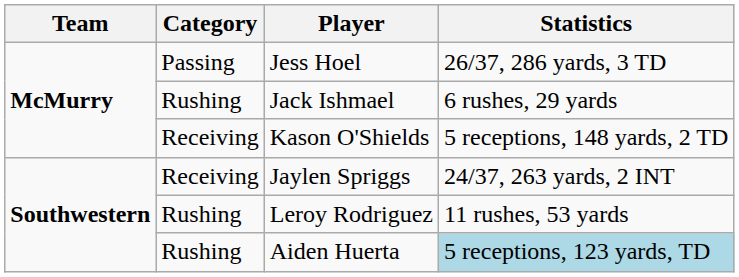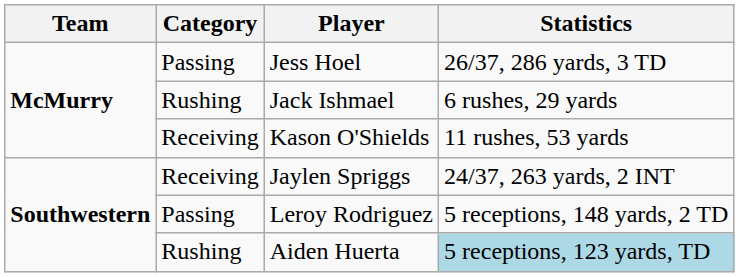 <table class="wikitable" style="float: left;">
 <tr>
 <th>Team</th>
 <th>Category</th>
 <th>Player</th>
 <th>Statistics</th>
 </tr>
 <tr>
 <td rowspan=3><strong>McMurry</strong></td>
 <td>Passing</td>
 <td>Jess Hoel</td>
 <td>26/37, 286 yards, 3 TD</td>
 </tr>
 <tr>
 <td>Rushing</td>
 <td>Jack Ishmael</td>
 <td>6 rushes, 29 yards</td>
 </tr>
 <tr>
 <td>Receiving</td>
 <td>Kason O'Shields</td>
-<td>5 receptions, 148 yards, 2 TD</td>
+<td>11 rushes, 53 yards</td>
 </tr>
 <tr>
 <td rowspan=3><strong>Southwestern</strong></td>
 <td>Receiving</td>
 <td>Jaylen Spriggs</td>
 <td>24/37, 263 yards, 2 INT</td>
 </tr>
 <tr>
-<td>Rushing</td>
+<td>Passing</td>
 <td>Leroy Rodriguez</td>
-<td>11 rushes, 53 yards</td>
+<td>5 receptions, 148 yards, 2 TD</td>
 </tr>
 <tr>
 <td>Rushing</td>
 <td>Aiden Huerta</td>
 <td style="background: lightblue;">5 receptions, 123 yards, TD</td>
 </tr>
 </table>
